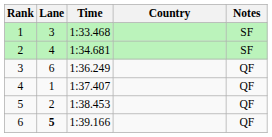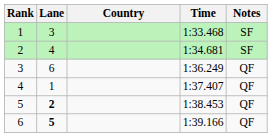 <table class="wikitable" style="text-align:center;">
 <tr>
 <th width=30>Rank</th>
 <th width=30>Lane</th>
+<th width=150>Country</th>
 <th width=30>Time</th>
-<th width=150>Country</th>
 <th width=50>Notes</th>
 </tr>
 <tr bgcolor=bbf3bb>
 <td>1</td>
 <td>3</td>
+<td align=left></td>
 <td>1:33.468</td>
-<td align=left></td>
 <td>SF</td>
 </tr>
 <tr bgcolor=bbf3bb>
 <td>2</td>
 <td>4</td>
+<td align=left></td>
 <td>1:34.681</td>
-<td align=left></td>
 <td>SF</td>
 </tr>
 <tr>
 <td>3</td>
 <td>6</td>
+<td align=left></td>
 <td>1:36.249</td>
-<td align=left></td>
 <td>QF</td>
 </tr>
 <tr>
 <td>4</td>
 <td>1</td>
+<td align=left></td>
 <td>1:37.407</td>
-<td align=left></td>
 <td>QF</td>
 </tr>
 <tr>
 <td>5</td>
-<td>2</td>
+<td><strong>2</strong></td>
+<td align=left></td>
 <td>1:38.453</td>
-<td align=left></td>
 <td>QF</td>
 </tr>
 <tr>
 <td>6</td>
 <td><strong>5</strong></td>
+<td align=left></td>
 <td>1:39.166</td>
-<td align=left></td>
 <td>QF</td>
 </tr>
 </table>
